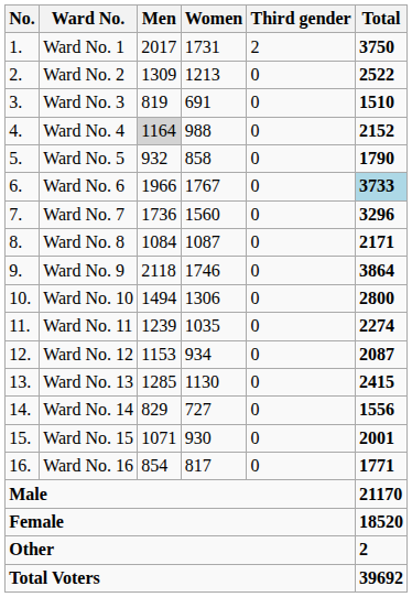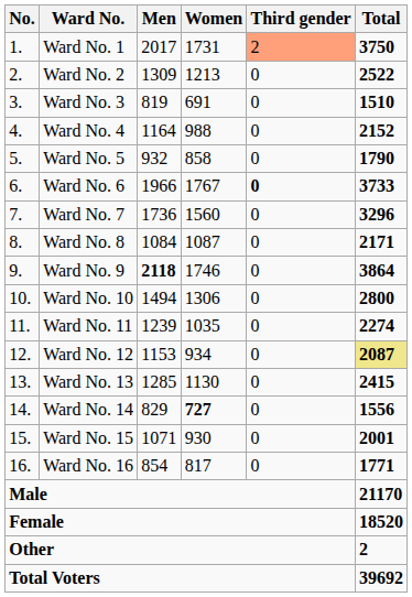 <table class="wikitable sortable">
 <tr>
 <th>No.</th>
 <th>Ward No.</th>
 <th>Men</th>
 <th>Women</th>
 <th>Third gender</th>
 <th>Total</th>
 </tr>
 <tr>
 <td>1.</td>
 <td>Ward No. 1</td>
 <td>2017</td>
 <td>1731</td>
-<td>2</td>
+<td style="background: lightsalmon;">2</td>
 <td><strong>3750</strong></td>
 </tr>
 <tr>
 <td>2.</td>
 <td>Ward No. 2</td>
 <td>1309</td>
 <td>1213</td>
 <td>0</td>
 <td><strong>2522</strong></td>
 </tr>
 <tr>
 <td>3.</td>
 <td>Ward No. 3</td>
 <td>819</td>
 <td>691</td>
 <td>0</td>
 <td><strong>1510</strong></td>
 </tr>
 <tr>
 <td>4.</td>
 <td>Ward No. 4</td>
-<td style="background: lightgrey;">1164</td>
+<td>1164</td>
 <td>988</td>
 <td>0</td>
 <td><strong>2152</strong></td>
 </tr>
 <tr>
 <td>5.</td>
 <td>Ward No. 5</td>
 <td>932</td>
 <td>858</td>
 <td>0</td>
 <td><strong>1790</strong></td>
 </tr>
 <tr>
 <td>6.</td>
 <td>Ward No. 6</td>
 <td>1966</td>
 <td>1767</td>
-<td>0</td>
-<td style="background: lightblue;"><strong>3733</strong></td>
+<td><strong>0</strong></td>
+<td><strong>3733</strong></td>
 </tr>
 <tr>
 <td>7.</td>
 <td>Ward No. 7</td>
 <td>1736</td>
 <td>1560</td>
 <td>0</td>
 <td><strong>3296</strong></td>
 </tr>
 <tr>
 <td>8.</td>
 <td>Ward No. 8</td>
 <td>1084</td>
 <td>1087</td>
 <td>0</td>
 <td><strong>2171</strong></td>
 </tr>
 <tr>
 <td>9.</td>
 <td>Ward No. 9</td>
-<td>2118</td>
+<td><strong>2118</strong></td>
 <td>1746</td>
 <td>0</td>
 <td><strong>3864</strong></td>
 </tr>
 <tr>
 <td>10.</td>
 <td>Ward No. 10</td>
 <td>1494</td>
 <td>1306</td>
 <td>0</td>
 <td><strong>2800</strong></td>
 </tr>
 <tr>
 <td>11.</td>
 <td>Ward No. 11</td>
 <td>1239</td>
 <td>1035</td>
 <td>0</td>
 <td><strong>2274</strong></td>
 </tr>
 <tr>
 <td>12.</td>
 <td>Ward No. 12</td>
 <td>1153</td>
 <td>934</td>
 <td>0</td>
-<td><strong>2087</strong></td>
+<td style="background: khaki;"><strong>2087</strong></td>
 </tr>
 <tr>
 <td>13.</td>
 <td>Ward No. 13</td>
 <td>1285</td>
 <td>1130</td>
 <td>0</td>
 <td><strong>2415</strong></td>
 </tr>
 <tr>
 <td>14.</td>
 <td>Ward No. 14</td>
 <td>829</td>
-<td>727</td>
+<td><strong>727</strong></td>
 <td>0</td>
 <td><strong>1556</strong></td>
 </tr>
 <tr>
 <td>15.</td>
 <td>Ward No. 15</td>
 <td>1071</td>
 <td>930</td>
 <td>0</td>
 <td><strong>2001</strong></td>
 </tr>
 <tr>
 <td>16.</td>
 <td>Ward No. 16</td>
 <td>854</td>
 <td>817</td>
 <td>0</td>
 <td><strong>1771</strong></td>
 </tr>
 <tr>
 <td colspan="5"><strong>Male</strong></td>
 <td><strong>21170</strong></td>
 </tr>
 <tr>
 <td colspan="5"><strong>Female</strong></td>
 <td><strong>18520</strong></td>
 </tr>
 <tr>
 <td colspan="5"><strong>Other</strong></td>
 <td><strong>2</strong></td>
 </tr>
 <tr>
 <td colspan="5"><strong>Total Voters</strong></td>
 <td><strong>39692</strong></td>
 </tr>
 </table>
